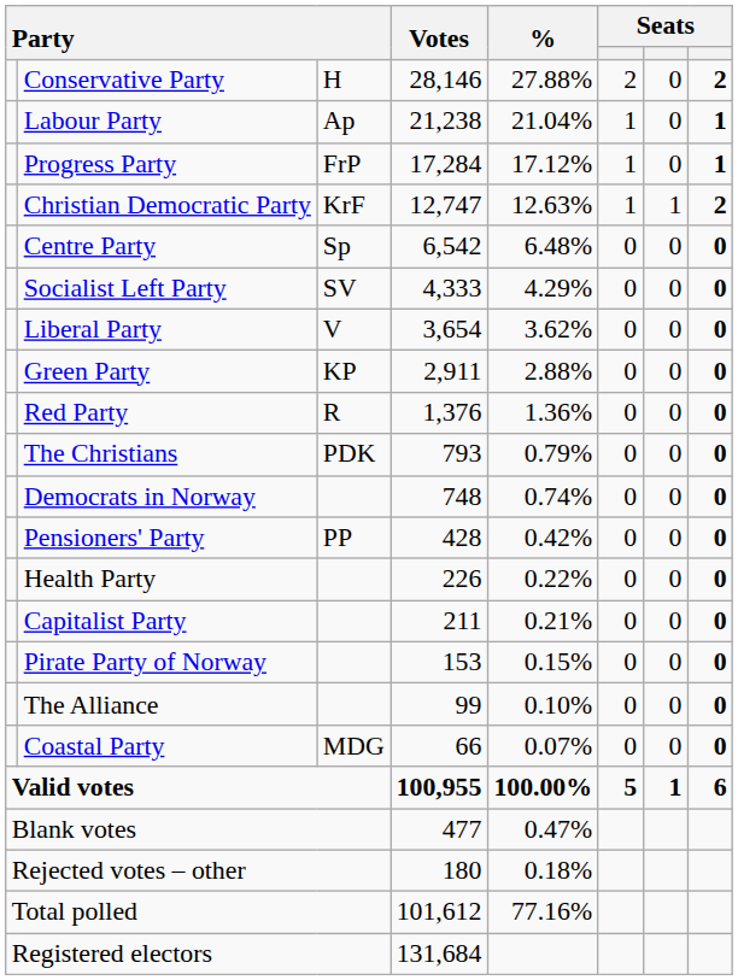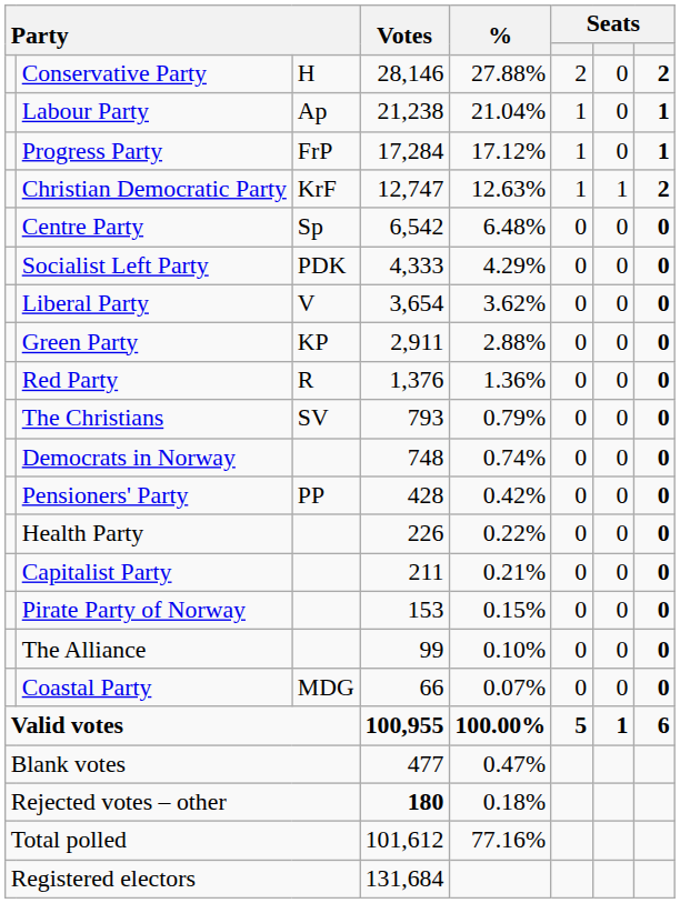 <table class="wikitable" border="1" style="text-align:right;">
 <tr>
 <th style="text-align:left;" valign=bottom rowspan=2 colspan=3>Party</th>
 <th align=center valign=bottom rowspan=2 width="50">Votes</th>
 <th align=center valign=bottom rowspan=2 width="50">%</th>
 <th colspan=3>Seats</th>
 </tr>
 <tr>
 <th align=center valign=bottom width="20"><small></small></th>
 <th align=center valign=bottom width="20"><small><a href='#'></a></small></th>
 <th align=center valign=bottom width="20"><small></small></th>
 </tr>
 <tr>
 <td style="color:inherit;background:"></td>
 <td align=left><a href='#'>Conservative Party</a></td>
 <td align=left>H</td>
 <td>28,146</td>
 <td>27.88%</td>
 <td>2</td>
 <td>0</td>
 <td><strong>2</strong></td>
 </tr>
 <tr>
 <td style="color:inherit;background:"></td>
 <td align=left><a href='#'>Labour Party</a></td>
 <td align=left>Ap</td>
 <td>21,238</td>
 <td>21.04%</td>
 <td>1</td>
 <td>0</td>
 <td><strong>1</strong></td>
 </tr>
 <tr>
 <td style="color:inherit;background:"></td>
 <td align=left><a href='#'>Progress Party</a></td>
 <td align=left>FrP</td>
 <td>17,284</td>
 <td>17.12%</td>
 <td>1</td>
 <td>0</td>
 <td><strong>1</strong></td>
 </tr>
 <tr>
 <td style="color:inherit;background:"></td>
 <td align=left><a href='#'>Christian Democratic Party</a></td>
 <td align=left>KrF</td>
 <td>12,747</td>
 <td>12.63%</td>
 <td>1</td>
 <td>1</td>
 <td><strong>2</strong></td>
 </tr>
 <tr>
 <td style="color:inherit;background:"></td>
 <td align=left><a href='#'>Centre Party</a></td>
 <td align=left>Sp</td>
 <td>6,542</td>
 <td>6.48%</td>
 <td>0</td>
 <td>0</td>
 <td><strong>0</strong></td>
 </tr>
 <tr>
 <td style="color:inherit;background:"></td>
 <td align=left><a href='#'>Socialist Left Party</a></td>
-<td align=left>SV</td>
+<td align=left>PDK</td>
 <td>4,333</td>
 <td>4.29%</td>
 <td>0</td>
 <td>0</td>
 <td><strong>0</strong></td>
 </tr>
 <tr>
 <td style="color:inherit;background:"></td>
 <td align=left><a href='#'>Liberal Party</a></td>
 <td align=left>V</td>
 <td>3,654</td>
 <td>3.62%</td>
 <td>0</td>
 <td>0</td>
 <td><strong>0</strong></td>
 </tr>
 <tr>
 <td style="color:inherit;background:"></td>
 <td align=left><a href='#'>Green Party</a></td>
 <td align=left>KP</td>
 <td>2,911</td>
 <td>2.88%</td>
 <td>0</td>
 <td>0</td>
 <td><strong>0</strong></td>
 </tr>
 <tr>
 <td style="color:inherit;background:"></td>
 <td align=left><a href='#'>Red Party</a></td>
 <td align=left>R</td>
 <td>1,376</td>
 <td>1.36%</td>
 <td>0</td>
 <td>0</td>
 <td><strong>0</strong></td>
 </tr>
 <tr>
 <td style="color:inherit;background:"></td>
 <td align=left><a href='#'>The Christians</a></td>
-<td align=left>PDK</td>
+<td align=left>SV</td>
 <td>793</td>
 <td>0.79%</td>
 <td>0</td>
 <td>0</td>
 <td><strong>0</strong></td>
 </tr>
 <tr>
 <td style="color:inherit;background:"></td>
 <td align=left><a href='#'>Democrats in Norway</a></td>
 <td align=left></td>
 <td>748</td>
 <td>0.74%</td>
 <td>0</td>
 <td>0</td>
 <td><strong>0</strong></td>
 </tr>
 <tr>
 <td style="color:inherit;background:"></td>
 <td align=left><a href='#'>Pensioners' Party</a></td>
 <td align=left>PP</td>
 <td>428</td>
 <td>0.42%</td>
 <td>0</td>
 <td>0</td>
 <td><strong>0</strong></td>
 </tr>
 <tr>
 <td></td>
 <td align=left>Health Party</td>
 <td align=left></td>
 <td>226</td>
 <td>0.22%</td>
 <td>0</td>
 <td>0</td>
 <td><strong>0</strong></td>
 </tr>
 <tr>
 <td style="color:inherit;background:"></td>
 <td align=left><a href='#'>Capitalist Party</a></td>
 <td align=left></td>
 <td>211</td>
 <td>0.21%</td>
 <td>0</td>
 <td>0</td>
 <td><strong>0</strong></td>
 </tr>
 <tr>
 <td style="color:inherit;background:"></td>
 <td align=left><a href='#'>Pirate Party of Norway</a></td>
 <td align=left></td>
 <td>153</td>
 <td>0.15%</td>
 <td>0</td>
 <td>0</td>
 <td><strong>0</strong></td>
 </tr>
 <tr>
 <td></td>
 <td align=left>The Alliance</td>
 <td align=left></td>
 <td>99</td>
 <td>0.10%</td>
 <td>0</td>
 <td>0</td>
 <td><strong>0</strong></td>
 </tr>
 <tr>
 <td style="color:inherit;background:"></td>
 <td align=left><a href='#'>Coastal Party</a></td>
 <td align=left>MDG</td>
 <td>66</td>
 <td>0.07%</td>
 <td>0</td>
 <td>0</td>
 <td><strong>0</strong></td>
 </tr>
 <tr style="font-weight:bold">
 <td align=left colspan=3>Valid votes</td>
 <td>100,955</td>
 <td>100.00%</td>
 <td>5</td>
 <td>1</td>
 <td>6</td>
 </tr>
 <tr>
 <td align=left colspan=3>Blank votes</td>
 <td>477</td>
 <td>0.47%</td>
 <td></td>
 <td></td>
 <td></td>
 </tr>
 <tr>
 <td align=left colspan=3>Rejected votes – other</td>
-<td>180</td>
+<td><strong>180</strong></td>
 <td>0.18%</td>
 <td></td>
 <td></td>
 <td></td>
 </tr>
 <tr>
 <td align=left colspan=3>Total polled</td>
 <td>101,612</td>
 <td>77.16%</td>
 <td></td>
 <td></td>
 <td></td>
 </tr>
 <tr>
 <td align=left colspan=3>Registered electors</td>
 <td>131,684</td>
 <td></td>
 <td></td>
 <td></td>
 <td></td>
 </tr>
 </table>
